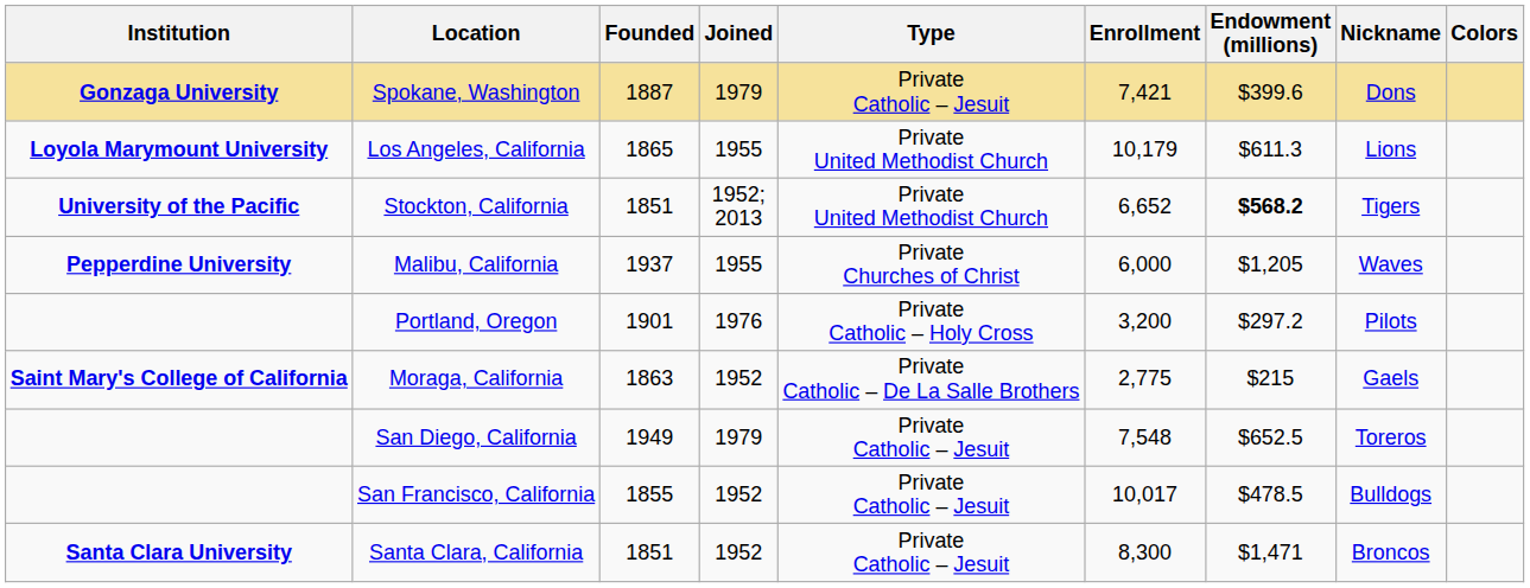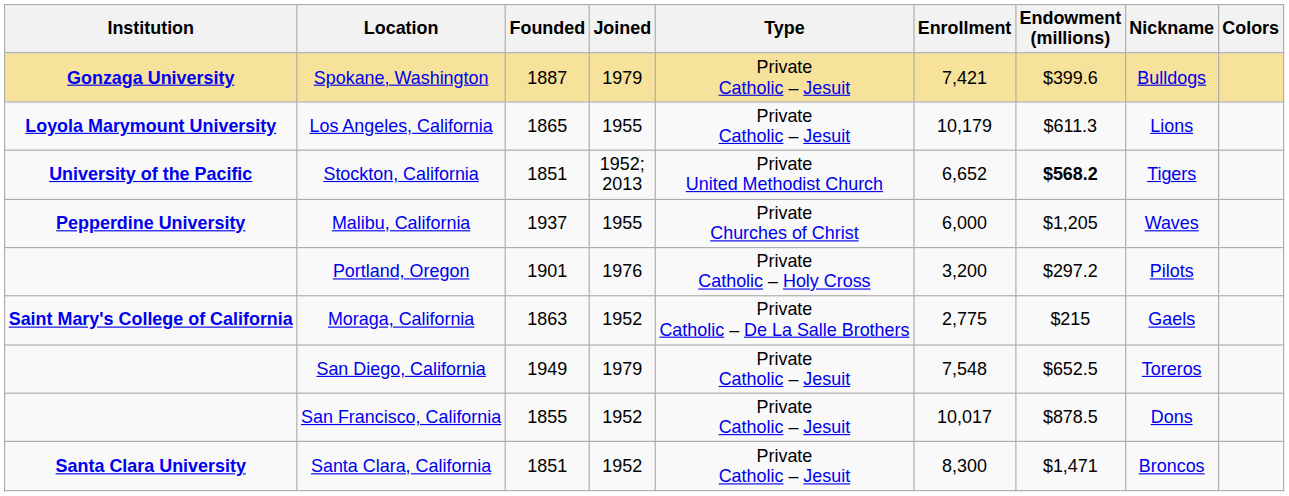 <table class="wikitable sortable" style="text-align: center">
 <tr>
 <th width=px>Institution</th>
 <th width=px>Location</th>
 <th width=px>Founded</th>
 <th width=px>Joined</th>
 <th width=px>Type</th>
 <th width=px>Enrollment</th>
 <th width=px>Endowment<br>(millions)</th>
 <th width=px>Nickname</th>
 <th class="unsortable" ! width=px>Colors</th>
 </tr>
 <tr bgcolor=#F6E29B>
 <td><strong><a href='#'>Gonzaga University</a></strong></td>
 <td><a href='#'>Spokane, Washington</a></td>
 <td>1887</td>
 <td>1979</td>
 <td>Private<br><a href='#'>Catholic</a> – <a href='#'>Jesuit</a></td>
 <td>7,421</td>
 <td>$399.6</td>
-<td><a href='#'>Dons</a></td>
+<td><a href='#'>Bulldogs</a></td>
 <td>  </td>
 </tr>
 <tr>
 <td><strong><a href='#'>Loyola Marymount University</a></strong></td>
 <td><a href='#'>Los Angeles, California</a></td>
 <td>1865</td>
 <td>1955</td>
-<td>Private<br><a href='#'>United Methodist Church</a></td>
+<td>Private<br><a href='#'>Catholic</a> – <a href='#'>Jesuit</a></td>
 <td>10,179</td>
 <td>$611.3</td>
 <td><a href='#'>Lions</a></td>
 <td></td>
 </tr>
 <tr>
 <td><strong><a href='#'>University of the Pacific</a></strong></td>
 <td><a href='#'>Stockton, California</a></td>
 <td>1851</td>
 <td>1952;<br>2013</td>
 <td>Private<br><a href='#'>United Methodist Church</a></td>
 <td>6,652</td>
 <td><strong>$568.2</strong></td>
 <td><a href='#'>Tigers</a></td>
 <td></td>
 </tr>
 <tr>
 <td><strong><a href='#'>Pepperdine University</a></strong></td>
 <td><a href='#'>Malibu, California</a></td>
 <td>1937</td>
 <td>1955</td>
 <td>Private<br><a href='#'>Churches of Christ</a></td>
 <td>6,000</td>
 <td>$1,205</td>
 <td><a href='#'>Waves</a></td>
 <td></td>
 </tr>
 <tr>
 <td></td>
 <td><a href='#'>Portland, Oregon</a></td>
 <td>1901</td>
 <td>1976</td>
 <td>Private<br><a href='#'>Catholic</a> – <a href='#'>Holy Cross</a></td>
 <td>3,200</td>
 <td>$297.2</td>
 <td><a href='#'>Pilots</a></td>
 <td></td>
 </tr>
 <tr>
 <td><strong><a href='#'>Saint Mary's College of California</a></strong></td>
 <td><a href='#'>Moraga, California</a></td>
 <td>1863</td>
 <td>1952</td>
 <td>Private<br><a href='#'>Catholic</a> – <a href='#'>De La Salle Brothers</a></td>
 <td>2,775</td>
 <td>$215</td>
 <td><a href='#'>Gaels</a></td>
 <td></td>
 </tr>
 <tr>
 <td></td>
 <td><a href='#'>San Diego, California</a></td>
 <td>1949</td>
 <td>1979</td>
 <td>Private<br><a href='#'>Catholic</a> – <a href='#'>Jesuit</a></td>
 <td>7,548</td>
 <td>$652.5</td>
 <td><a href='#'>Toreros</a></td>
 <td></td>
 </tr>
 <tr>
 <td></td>
 <td><a href='#'>San Francisco, California</a></td>
 <td>1855</td>
 <td>1952</td>
 <td>Private<br><a href='#'>Catholic</a> – <a href='#'>Jesuit</a></td>
 <td>10,017</td>
-<td>$478.5</td>
-<td><a href='#'>Bulldogs</a></td>
+<td>$878.5</td>
+<td><a href='#'>Dons</a></td>
 <td></td>
 </tr>
 <tr>
 <td><strong><a href='#'>Santa Clara University</a></strong></td>
 <td><a href='#'>Santa Clara, California</a></td>
 <td>1851</td>
 <td>1952</td>
 <td>Private<br><a href='#'>Catholic</a> – <a href='#'>Jesuit</a></td>
 <td>8,300</td>
 <td>$1,471</td>
 <td><a href='#'>Broncos</a></td>
 <td></td>
 </tr>
 </table>
